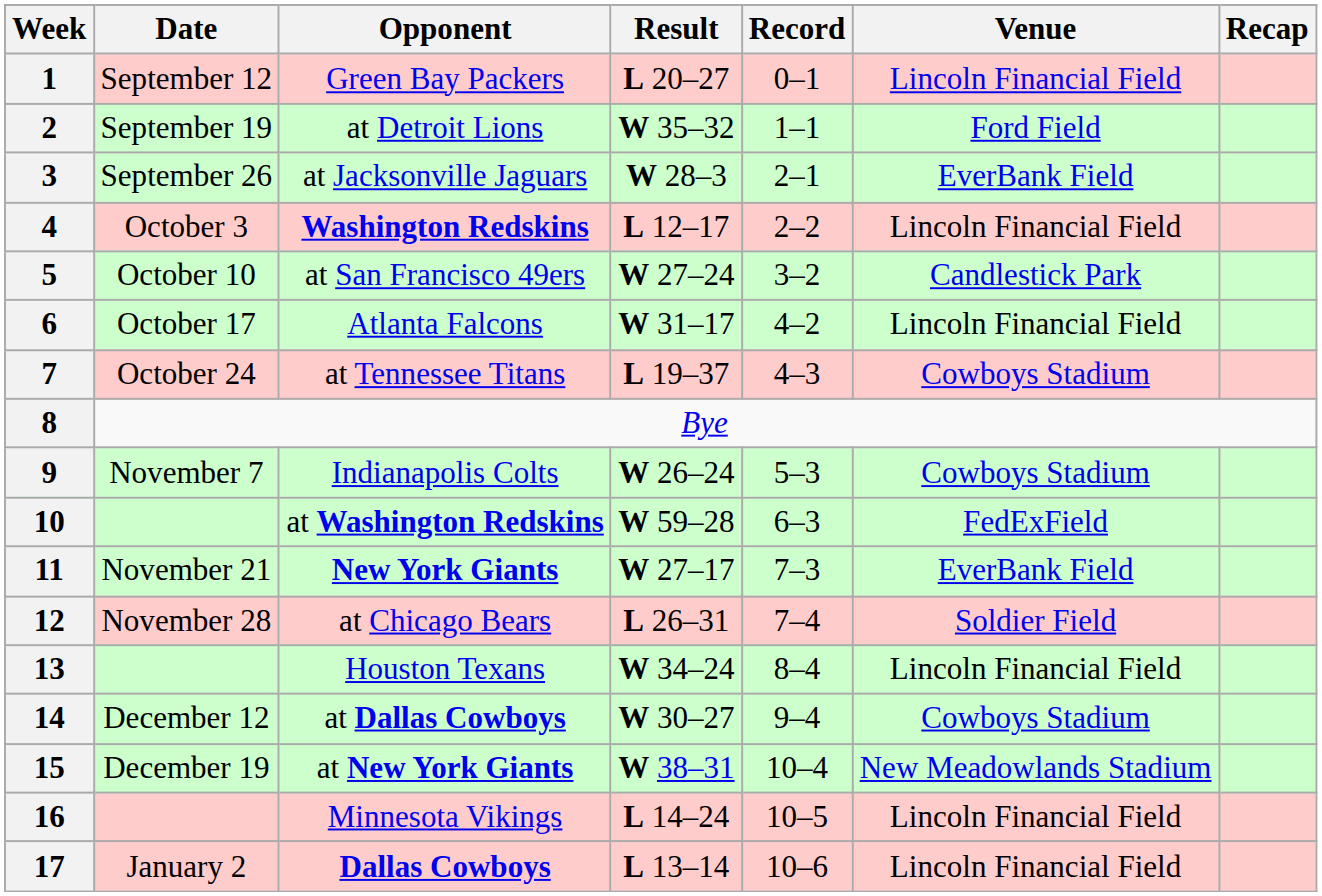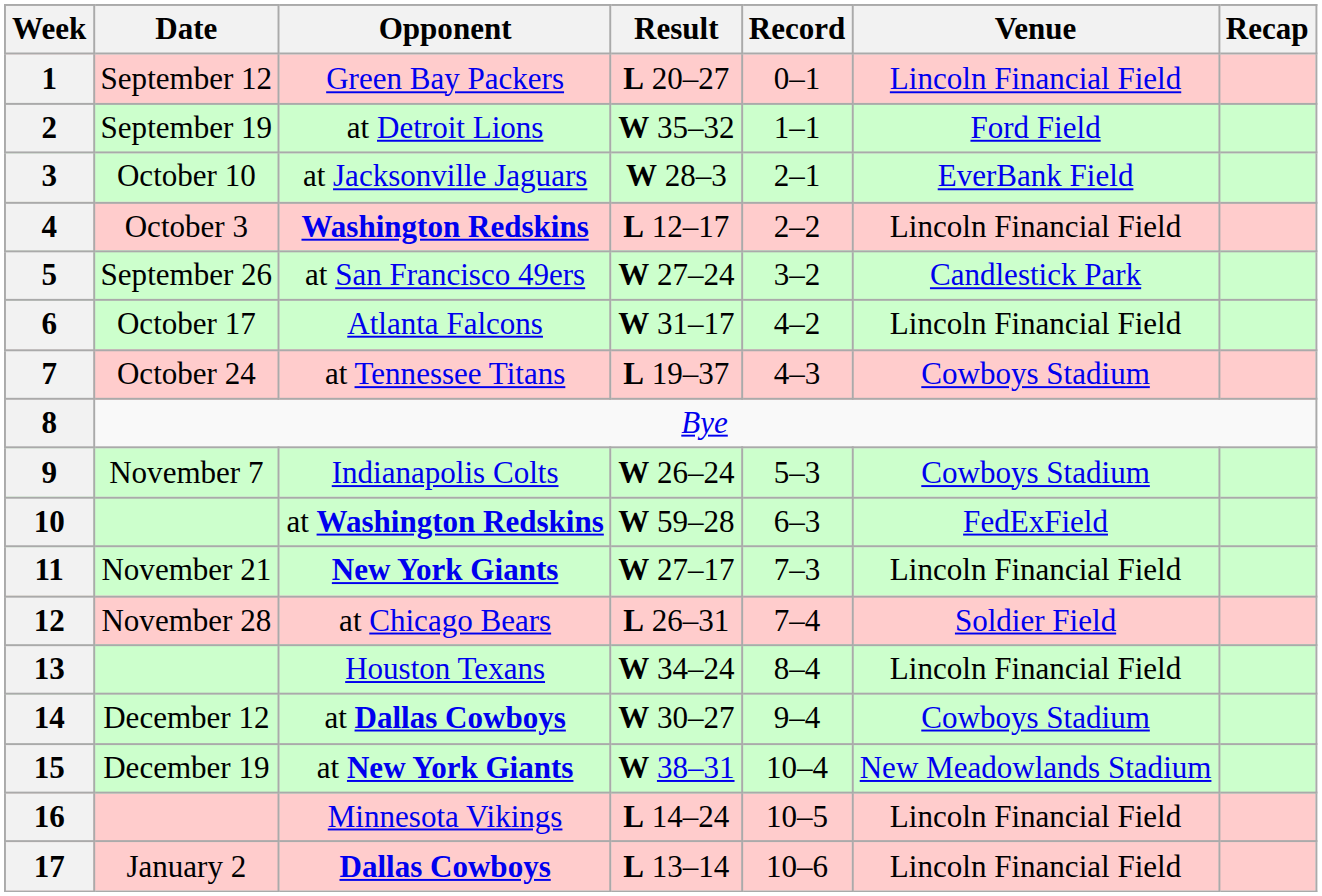 <table class="wikitable" style="text-align:center">
 <tr>
 <th>Week</th>
 <th>Date</th>
 <th>Opponent</th>
 <th>Result</th>
 <th>Record</th>
 <th>Venue</th>
 <th>Recap</th>
 </tr>
 <tr style="background:#fcc">
 <th>1</th>
 <td>September 12</td>
 <td><a href='#'>Green Bay Packers</a></td>
 <td><strong>L</strong> 20–27</td>
 <td>0–1</td>
 <td><a href='#'>Lincoln Financial Field</a></td>
 <td></td>
 </tr>
 <tr style="background:#cfc">
 <th>2</th>
 <td>September 19</td>
 <td>at <a href='#'>Detroit Lions</a></td>
 <td><strong>W</strong> 35–32</td>
 <td>1–1</td>
 <td><a href='#'>Ford Field</a></td>
 <td></td>
 </tr>
 <tr style="background:#cfc">
 <th>3</th>
-<td>September 26</td>
+<td>October 10</td>
 <td>at <a href='#'>Jacksonville Jaguars</a></td>
 <td><strong>W</strong> 28–3</td>
 <td>2–1</td>
 <td><a href='#'>EverBank Field</a></td>
 <td></td>
 </tr>
 <tr style="background:#fcc">
 <th>4</th>
 <td>October 3</td>
 <td><strong><a href='#'>Washington Redskins</a></strong></td>
 <td><strong>L</strong> 12–17</td>
 <td>2–2</td>
 <td>Lincoln Financial Field</td>
 <td></td>
 </tr>
 <tr style="background:#cfc">
 <th>5</th>
-<td>October 10</td>
+<td>September 26</td>
 <td>at <a href='#'>San Francisco 49ers</a></td>
 <td><strong>W</strong> 27–24</td>
 <td>3–2</td>
 <td><a href='#'>Candlestick Park</a></td>
 <td></td>
 </tr>
 <tr style="background:#cfc">
 <th>6</th>
 <td>October 17</td>
 <td><a href='#'>Atlanta Falcons</a></td>
 <td><strong>W</strong> 31–17</td>
 <td>4–2</td>
 <td>Lincoln Financial Field</td>
 <td></td>
 </tr>
 <tr style="background:#fcc">
 <th>7</th>
 <td>October 24</td>
 <td>at <a href='#'>Tennessee Titans</a></td>
 <td><strong>L</strong> 19–37</td>
 <td>4–3</td>
 <td><a href='#'>Cowboys Stadium</a></td>
 <td></td>
 </tr>
 <tr>
 <th>8</th>
 <td colspan="6"><em><a href='#'>Bye</a></em></td>
 </tr>
 <tr style="background:#cfc">
 <th>9</th>
 <td>November 7</td>
 <td><a href='#'>Indianapolis Colts</a></td>
 <td><strong>W</strong> 26–24</td>
 <td>5–3</td>
 <td><a href='#'>Cowboys Stadium</a></td>
 <td></td>
 </tr>
 <tr style="background:#cfc">
 <th>10</th>
 <td></td>
 <td>at <strong><a href='#'>Washington Redskins</a></strong></td>
 <td><strong>W</strong> 59–28</td>
 <td>6–3</td>
 <td><a href='#'>FedExField</a></td>
 <td></td>
 </tr>
 <tr style="background:#cfc">
 <th>11</th>
 <td>November 21</td>
 <td><strong><a href='#'>New York Giants</a></strong></td>
 <td><strong>W</strong> 27–17</td>
 <td>7–3</td>
-<td><a href='#'>EverBank Field</a></td>
+<td>Lincoln Financial Field</td>
 <td></td>
 </tr>
 <tr style="background:#fcc">
 <th>12</th>
 <td>November 28</td>
 <td>at <a href='#'>Chicago Bears</a></td>
 <td><strong>L</strong> 26–31</td>
 <td>7–4</td>
 <td><a href='#'>Soldier Field</a></td>
 <td></td>
 </tr>
 <tr style="background:#cfc">
 <th>13</th>
 <td></td>
 <td><a href='#'>Houston Texans</a></td>
 <td><strong>W</strong> 34–24</td>
 <td>8–4</td>
 <td>Lincoln Financial Field</td>
 <td></td>
 </tr>
 <tr style="background:#cfc">
 <th>14</th>
 <td>December 12</td>
 <td>at <strong><a href='#'>Dallas Cowboys</a></strong></td>
 <td><strong>W</strong> 30–27</td>
 <td>9–4</td>
 <td><a href='#'>Cowboys Stadium</a></td>
 <td></td>
 </tr>
 <tr style="background:#cfc">
 <th>15</th>
 <td>December 19</td>
 <td>at <strong><a href='#'>New York Giants</a></strong></td>
 <td><strong>W</strong> <a href='#'>38–31</a></td>
 <td>10–4</td>
 <td><a href='#'>New Meadowlands Stadium</a></td>
 <td></td>
 </tr>
 <tr style="background:#fcc">
 <th>16</th>
 <td></td>
 <td><a href='#'>Minnesota Vikings</a></td>
 <td><strong>L</strong> 14–24</td>
 <td>10–5</td>
 <td>Lincoln Financial Field</td>
 <td></td>
 </tr>
 <tr style="background:#fcc">
 <th>17</th>
 <td>January 2</td>
 <td><strong><a href='#'>Dallas Cowboys</a></strong></td>
 <td><strong>L</strong> 13–14</td>
 <td>10–6</td>
 <td>Lincoln Financial Field</td>
 <td></td>
 </tr>
 </table>
